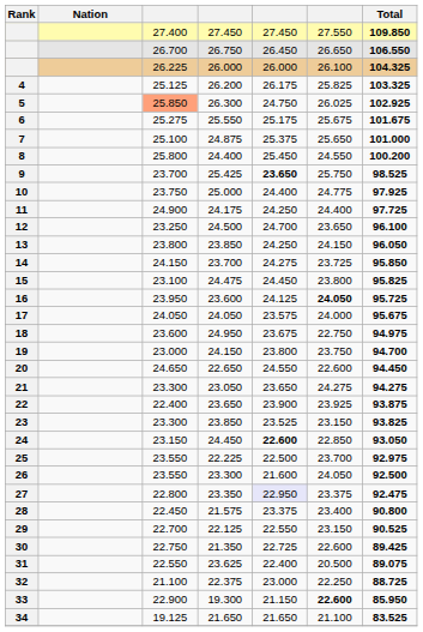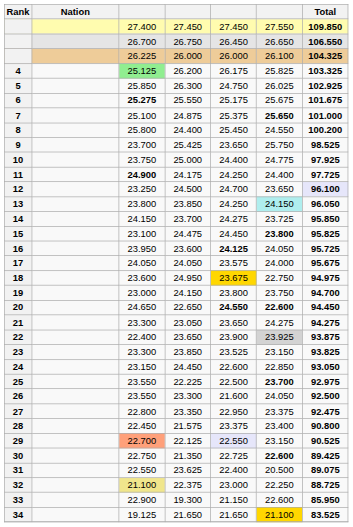 <table class="wikitable sortable" style="text-align:center; font-size:85%">
 <tr>
 <th scope="col" style="width:20px;">Rank</th>
 <th ! scope="col" style="width:120px;">Nation</th>
 <th ! scope="col" style="width:60px;"></th>
 <th ! scope="col" style="width:60px;"></th>
 <th ! scope="col" style="width:60px;"></th>
 <th ! scope="col" style="width:60px;"></th>
 <th ! scope="col" style="width:60px;">Total</th>
 </tr>
 <tr bgcolor=fffcaf>
 <th scope=row></th>
 <td align=left></td>
 <td>27.400</td>
 <td>27.450</td>
 <td>27.450</td>
 <td>27.550</td>
 <td><strong>109.850</strong></td>
 </tr>
 <tr bgcolor=e5e5e5>
 <th scope=row></th>
 <td align=left></td>
 <td>26.700</td>
 <td>26.750</td>
 <td>26.450</td>
 <td>26.650</td>
 <td><strong>106.550</strong></td>
 </tr>
 <tr bgcolor=eecc99>
 <th scope=row></th>
 <td align=left></td>
 <td>26.225</td>
 <td>26.000</td>
 <td>26.000</td>
 <td>26.100</td>
 <td><strong>104.325</strong></td>
 </tr>
 <tr>
 <th scope=row>4</th>
 <td align=left></td>
-<td>25.125</td>
+<td style="background: lightgreen;">25.125</td>
 <td>26.200</td>
 <td>26.175</td>
 <td>25.825</td>
 <td><strong>103.325</strong></td>
 </tr>
 <tr>
 <th scope=row>5</th>
 <td align=left></td>
-<td style="background: lightsalmon;">25.850</td>
+<td>25.850</td>
 <td>26.300</td>
 <td>24.750</td>
 <td>26.025</td>
 <td><strong>102.925</strong></td>
 </tr>
 <tr>
 <th scope=row>6</th>
 <td align=left></td>
-<td>25.275</td>
+<td><strong>25.275</strong></td>
 <td>25.550</td>
 <td>25.175</td>
 <td>25.675</td>
 <td><strong>101.675</strong></td>
 </tr>
 <tr>
 <th scope=row>7</th>
 <td align=left></td>
 <td>25.100</td>
 <td>24.875</td>
 <td>25.375</td>
-<td>25.650</td>
+<td><strong>25.650</strong></td>
 <td><strong>101.000</strong></td>
 </tr>
 <tr>
 <th scope=row>8</th>
 <td align=left></td>
 <td>25.800</td>
 <td>24.400</td>
 <td>25.450</td>
 <td>24.550</td>
 <td><strong>100.200</strong></td>
 </tr>
 <tr>
 <th scope=row>9</th>
 <td align=left></td>
 <td>23.700</td>
 <td>25.425</td>
-<td><strong>23.650</strong></td>
+<td>23.650</td>
 <td>25.750</td>
 <td><strong>98.525</strong></td>
 </tr>
 <tr>
 <th scope=row>10</th>
 <td align=left></td>
 <td>23.750</td>
 <td>25.000</td>
 <td>24.400</td>
 <td>24.775</td>
 <td><strong>97.925</strong></td>
 </tr>
 <tr>
 <th scope=row>11</th>
 <td align=left></td>
-<td>24.900</td>
+<td><strong>24.900</strong></td>
 <td>24.175</td>
 <td>24.250</td>
 <td>24.400</td>
 <td><strong>97.725</strong></td>
 </tr>
 <tr>
 <th scope=row>12</th>
 <td align=left></td>
 <td>23.250</td>
 <td>24.500</td>
 <td>24.700</td>
 <td>23.650</td>
-<td><strong>96.100</strong></td>
+<td style="background: lavender;"><strong>96.100</strong></td>
 </tr>
 <tr>
 <th scope=row>13</th>
 <td align=left></td>
 <td>23.800</td>
 <td>23.850</td>
 <td>24.250</td>
-<td>24.150</td>
+<td style="background: paleturquoise;">24.150</td>
 <td><strong>96.050</strong></td>
 </tr>
 <tr>
 <th scope=row>14</th>
 <td align=left></td>
 <td>24.150</td>
 <td>23.700</td>
 <td>24.275</td>
 <td>23.725</td>
 <td><strong>95.850</strong></td>
 </tr>
 <tr>
 <th scope=row>15</th>
 <td align=left></td>
 <td>23.100</td>
 <td>24.475</td>
 <td>24.450</td>
-<td>23.800</td>
+<td><strong>23.800</strong></td>
 <td><strong>95.825</strong></td>
 </tr>
 <tr>
 <th scope=row>16</th>
 <td align=left></td>
 <td>23.950</td>
 <td>23.600</td>
-<td>24.125</td>
-<td><strong>24.050</strong></td>
+<td><strong>24.125</strong></td>
+<td>24.050</td>
 <td><strong>95.725</strong></td>
 </tr>
 <tr>
 <th scope=row>17</th>
 <td align=left></td>
 <td>24.050</td>
 <td>24.050</td>
 <td>23.575</td>
 <td>24.000</td>
 <td><strong>95.675</strong></td>
 </tr>
 <tr>
 <th scope=row>18</th>
 <td align=left></td>
 <td>23.600</td>
 <td>24.950</td>
-<td>23.675</td>
+<td style="background: gold;">23.675</td>
 <td>22.750</td>
 <td><strong>94.975</strong></td>
 </tr>
 <tr>
 <th scope=row>19</th>
 <td align=left></td>
 <td>23.000</td>
 <td>24.150</td>
 <td>23.800</td>
 <td>23.750</td>
 <td><strong>94.700</strong></td>
 </tr>
 <tr>
 <th scope=row>20</th>
 <td align=left></td>
 <td>24.650</td>
 <td>22.650</td>
-<td>24.550</td>
-<td>22.600</td>
+<td><strong>24.550</strong></td>
+<td><strong>22.600</strong></td>
 <td><strong>94.450</strong></td>
 </tr>
 <tr>
 <th scope=row>21</th>
 <td align=left></td>
 <td>23.300</td>
 <td>23.050</td>
 <td>23.650</td>
 <td>24.275</td>
 <td><strong>94.275</strong></td>
 </tr>
 <tr>
 <th scope=row>22</th>
 <td align=left></td>
 <td>22.400</td>
 <td>23.650</td>
 <td>23.900</td>
-<td>23.925</td>
+<td style="background: lightgrey;">23.925</td>
 <td><strong>93.875</strong></td>
 </tr>
 <tr>
 <th scope=row>23</th>
 <td align=left></td>
 <td>23.300</td>
 <td>23.850</td>
 <td>23.525</td>
 <td>23.150</td>
 <td><strong>93.825</strong></td>
 </tr>
 <tr>
 <th scope=row>24</th>
 <td align=left></td>
 <td>23.150</td>
 <td>24.450</td>
-<td><strong>22.600</strong></td>
+<td>22.600</td>
 <td>22.850</td>
 <td><strong>93.050</strong></td>
 </tr>
 <tr>
 <th scope=row>25</th>
 <td align=left></td>
 <td>23.550</td>
 <td>22.225</td>
 <td>22.500</td>
-<td>23.700</td>
+<td><strong>23.700</strong></td>
 <td><strong>92.975</strong></td>
 </tr>
 <tr>
 <th scope=row>26</th>
 <td align=left></td>
 <td>23.550</td>
 <td>23.300</td>
 <td>21.600</td>
 <td>24.050</td>
 <td><strong>92.500</strong></td>
 </tr>
 <tr>
 <th scope=row>27</th>
 <td align=left></td>
 <td>22.800</td>
 <td>23.350</td>
-<td style="background: lavender;">22.950</td>
+<td>22.950</td>
 <td>23.375</td>
 <td><strong>92.475</strong></td>
 </tr>
 <tr>
 <th scope=row>28</th>
 <td align=left></td>
 <td>22.450</td>
 <td>21.575</td>
 <td>23.375</td>
 <td>23.400</td>
 <td><strong>90.800</strong></td>
 </tr>
 <tr>
 <th scope=row>29</th>
 <td align=left></td>
-<td>22.700</td>
+<td style="background: lightsalmon;">22.700</td>
 <td>22.125</td>
-<td>22.550</td>
+<td style="background: lavender;">22.550</td>
 <td>23.150</td>
 <td><strong>90.525</strong></td>
 </tr>
 <tr>
 <th scope=row>30</th>
 <td align=left></td>
 <td>22.750</td>
 <td>21.350</td>
 <td>22.725</td>
-<td>22.600</td>
+<td><strong>22.600</strong></td>
 <td><strong>89.425</strong></td>
 </tr>
 <tr>
 <th scope=row>31</th>
 <td align=left></td>
 <td>22.550</td>
 <td>23.625</td>
 <td>22.400</td>
 <td>20.500</td>
 <td><strong>89.075</strong></td>
 </tr>
 <tr>
 <th scope=row>32</th>
 <td align=left></td>
-<td>21.100</td>
+<td style="background: khaki;">21.100</td>
 <td>22.375</td>
 <td>23.000</td>
 <td>22.250</td>
 <td><strong>88.725</strong></td>
 </tr>
 <tr>
 <th scope=row>33</th>
 <td align=left></td>
 <td>22.900</td>
 <td>19.300</td>
 <td>21.150</td>
-<td><strong>22.600</strong></td>
+<td>22.600</td>
 <td><strong>85.950</strong></td>
 </tr>
 <tr>
 <th scope=row>34</th>
 <td align=left></td>
 <td>19.125</td>
 <td>21.650</td>
 <td>21.650</td>
-<td>21.100</td>
+<td style="background: gold;">21.100</td>
 <td><strong>83.525</strong></td>
 </tr>
 <tr>
 </tr>
 </table>
